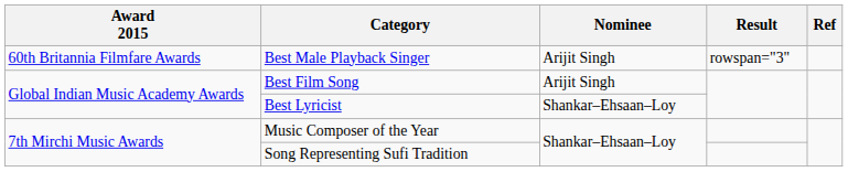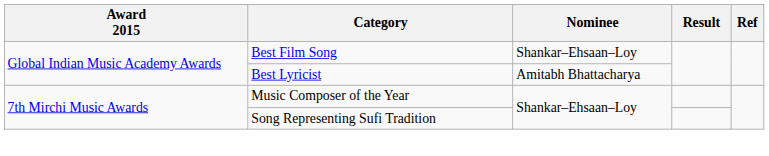 <table class="wikitable plainrowheaders" width="100%" textcolor:#000;">
 <tr>
 <th width=23%>Award<br>2015</th>
 <th width=25%>Category</th>
 <th width=15%>Nominee</th>
 <th width=5%>Result</th>
 <th width=2%>Ref</th>
 </tr>
 <tr>
-<td><a href='#'>60th Britannia Filmfare Awards</a></td>
-<td><a href='#'>Best Male Playback Singer</a></td>
-<td>Arijit Singh</td>
-<td>rowspan="3"</td>
-<td></td>
-</tr>
-<tr>
 <td rowspan="2"><a href='#'>Global Indian Music Academy Awards</a></td>
 <td><a href='#'>Best Film Song</a></td>
-<td>Arijit Singh</td>
+<td>Shankar–Ehsaan–Loy</td>
 <td rowspan="2"></td>
 </tr>
 <tr>
 <td><a href='#'>Best Lyricist</a></td>
-<td>Shankar–Ehsaan–Loy</td>
+<td>Amitabh Bhattacharya</td>
 </tr>
 <tr>
 <td rowspan="2"><a href='#'>7th Mirchi Music Awards</a></td>
 <td>Music Composer of the Year</td>
 <td rowspan="2">Shankar–Ehsaan–Loy</td>
 <td></td>
 <td rowspan="2"></td>
 </tr>
 <tr>
 <td>Song Representing Sufi Tradition</td>
 <td></td>
 </tr>
 </table>
